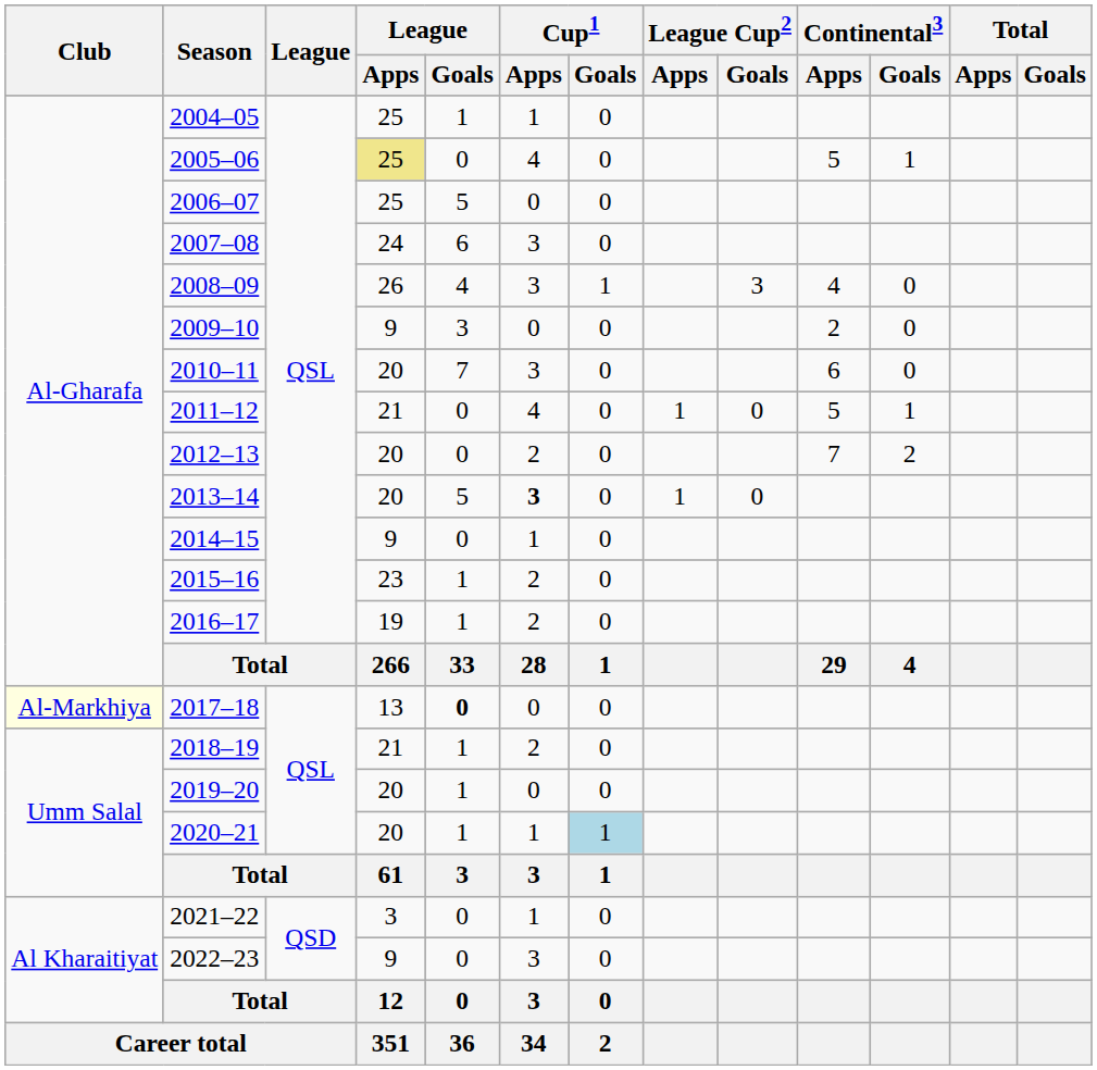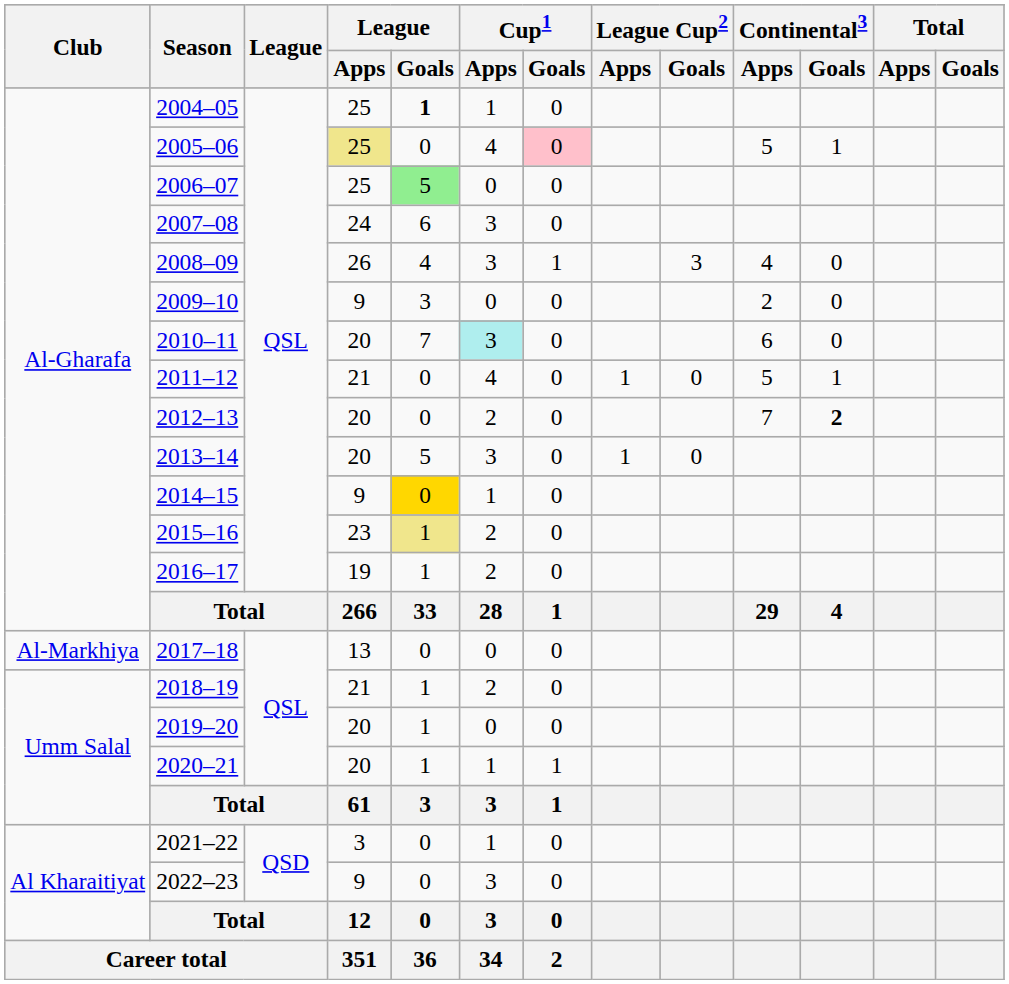 <table class="wikitable" style="font-size:90%; text-align:center;">
 <tr>
 <th rowspan="2">Club</th>
 <th rowspan="2">Season</th>
 <th rowspan="2">League</th>
 <th colspan="2">League</th>
 <th colspan="2">Cup<sup><a href='#'>1</a></sup></th>
 <th colspan="2">League Cup<sup><a href='#'>2</a></sup></th>
 <th colspan="2">Continental<sup><a href='#'>3</a></sup></th>
 <th colspan="2">Total</th>
 </tr>
 <tr>
 <th>Apps</th>
 <th>Goals</th>
 <th>Apps</th>
 <th>Goals</th>
 <th>Apps</th>
 <th>Goals</th>
 <th>Apps</th>
 <th>Goals</th>
 <th>Apps</th>
 <th>Goals</th>
 </tr>
 <tr>
 <td rowspan="14"><a href='#'>Al-Gharafa</a></td>
 <td><a href='#'>2004–05</a></td>
 <td rowspan="13" valign="center"><a href='#'>QSL</a></td>
 <td>25</td>
-<td>1</td>
+<td><strong>1</strong></td>
 <td>1</td>
 <td>0</td>
 <td></td>
 <td></td>
 <td></td>
 <td></td>
 <td></td>
 <td></td>
 </tr>
 <tr>
 <td><a href='#'>2005–06</a></td>
 <td style="background: khaki;">25</td>
 <td>0</td>
 <td>4</td>
-<td>0</td>
+<td style="background: pink;">0</td>
 <td></td>
 <td></td>
 <td>5</td>
 <td>1</td>
 <td></td>
 <td></td>
 </tr>
 <tr>
 <td><a href='#'>2006–07</a></td>
 <td>25</td>
-<td>5</td>
+<td style="background: lightgreen;">5</td>
 <td>0</td>
 <td>0</td>
 <td></td>
 <td></td>
 <td></td>
 <td></td>
 <td></td>
 <td></td>
 </tr>
 <tr>
 <td><a href='#'>2007–08</a></td>
 <td>24</td>
 <td>6</td>
 <td>3</td>
 <td>0</td>
 <td></td>
 <td></td>
 <td></td>
 <td></td>
 <td></td>
 <td></td>
 </tr>
 <tr>
 <td><a href='#'>2008–09</a></td>
 <td>26</td>
 <td>4</td>
 <td>3</td>
 <td>1</td>
 <td></td>
 <td>3</td>
 <td>4</td>
 <td>0</td>
 <td></td>
 <td></td>
 </tr>
 <tr>
 <td><a href='#'>2009–10</a></td>
 <td>9</td>
 <td>3</td>
 <td>0</td>
 <td>0</td>
 <td></td>
 <td></td>
 <td>2</td>
 <td>0</td>
 <td></td>
 <td></td>
 </tr>
 <tr>
 <td><a href='#'>2010–11</a></td>
 <td>20</td>
 <td>7</td>
-<td>3</td>
+<td style="background: paleturquoise;">3</td>
 <td>0</td>
 <td></td>
 <td></td>
 <td>6</td>
 <td>0</td>
 <td></td>
 <td></td>
 </tr>
 <tr>
 <td><a href='#'>2011–12</a></td>
 <td>21</td>
 <td>0</td>
 <td>4</td>
 <td>0</td>
 <td>1</td>
 <td>0</td>
 <td>5</td>
 <td>1</td>
 <td></td>
 <td></td>
 </tr>
 <tr>
 <td><a href='#'>2012–13</a></td>
 <td>20</td>
 <td>0</td>
 <td>2</td>
 <td>0</td>
 <td></td>
 <td></td>
 <td>7</td>
-<td>2</td>
+<td><strong>2</strong></td>
 <td></td>
 <td></td>
 </tr>
 <tr>
 <td><a href='#'>2013–14</a></td>
 <td>20</td>
 <td>5</td>
-<td><strong>3</strong></td>
+<td>3</td>
 <td>0</td>
 <td>1</td>
 <td>0</td>
 <td></td>
 <td></td>
 <td></td>
 <td></td>
 </tr>
 <tr>
 <td><a href='#'>2014–15</a></td>
 <td>9</td>
-<td>0</td>
+<td style="background: gold;">0</td>
 <td>1</td>
 <td>0</td>
 <td></td>
 <td></td>
 <td></td>
 <td></td>
 <td></td>
 <td></td>
 </tr>
 <tr>
 <td><a href='#'>2015–16</a></td>
 <td>23</td>
-<td>1</td>
+<td style="background: khaki;">1</td>
 <td>2</td>
 <td>0</td>
 <td></td>
 <td></td>
 <td></td>
 <td></td>
 <td></td>
 <td></td>
 </tr>
 <tr>
 <td><a href='#'>2016–17</a></td>
 <td>19</td>
 <td>1</td>
 <td>2</td>
 <td>0</td>
 <td></td>
 <td></td>
 <td></td>
 <td></td>
 <td></td>
 <td></td>
 </tr>
 <tr>
 <th colspan="2">Total</th>
 <th>266</th>
 <th>33</th>
 <th>28</th>
 <th>1</th>
 <th></th>
 <th></th>
 <th>29</th>
 <th>4</th>
 <th></th>
 <th></th>
 </tr>
 <tr>
-<td rowspan="1" style="background: lightyellow;"><a href='#'>Al-Markhiya</a></td>
+<td rowspan="1"><a href='#'>Al-Markhiya</a></td>
 <td><a href='#'>2017–18</a></td>
 <td rowspan="4" valign="center"><a href='#'>QSL</a></td>
 <td>13</td>
-<td><strong>0</strong></td>
+<td>0</td>
 <td>0</td>
 <td>0</td>
 <td></td>
 <td></td>
 <td></td>
 <td></td>
 <td></td>
 <td></td>
 </tr>
 <tr>
 <td rowspan="4"><a href='#'>Umm Salal</a></td>
 <td><a href='#'>2018–19</a></td>
 <td>21</td>
 <td>1</td>
 <td>2</td>
 <td>0</td>
 <td></td>
 <td></td>
 <td></td>
 <td></td>
 <td></td>
 <td></td>
 </tr>
 <tr>
 <td><a href='#'>2019–20</a></td>
 <td>20</td>
 <td>1</td>
 <td>0</td>
 <td>0</td>
 <td></td>
 <td></td>
 <td></td>
 <td></td>
 <td></td>
 <td></td>
 </tr>
 <tr>
 <td><a href='#'>2020–21</a></td>
 <td>20</td>
 <td>1</td>
 <td>1</td>
-<td style="background: lightblue;">1</td>
+<td>1</td>
 <td></td>
 <td></td>
 <td></td>
 <td></td>
 <td></td>
 <td></td>
 </tr>
 <tr>
 <th colspan="2">Total</th>
 <th>61</th>
 <th>3</th>
 <th>3</th>
 <th>1</th>
 <th></th>
 <th></th>
 <th></th>
 <th></th>
 <th></th>
 <th></th>
 </tr>
 <tr>
 <td rowspan="3"><a href='#'>Al Kharaitiyat</a></td>
 <td 2021–22 Qatari Second Division>2021–22</td>
 <td rowspan="2" valign="center"><a href='#'>QSD</a></td>
 <td>3</td>
 <td>0</td>
 <td>1</td>
 <td>0</td>
 <td></td>
 <td></td>
 <td></td>
 <td></td>
 <td></td>
 <td></td>
 </tr>
 <tr>
 <td 2022–23 Qatari Second Division>2022–23</td>
 <td>9</td>
 <td>0</td>
 <td>3</td>
 <td>0</td>
 <td></td>
 <td></td>
 <td></td>
 <td></td>
 <td></td>
 <td></td>
 </tr>
 <tr>
 <th colspan="2">Total</th>
 <th>12</th>
 <th>0</th>
 <th>3</th>
 <th>0</th>
 <th></th>
 <th></th>
 <th></th>
 <th></th>
 <th></th>
 <th></th>
 </tr>
 <tr>
 <th colspan="3">Career total</th>
 <th>351</th>
 <th>36</th>
 <th>34</th>
 <th>2</th>
 <th></th>
 <th></th>
 <th></th>
 <th></th>
 <th></th>
 <th></th>
 </tr>
 </table>
